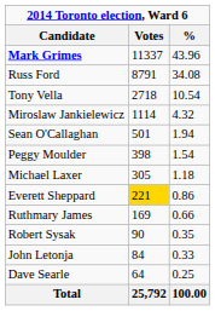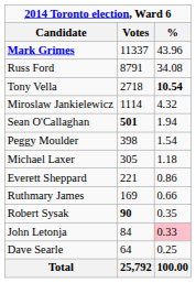 <table class="wikitable">
 <tr>
 <td Colspan="3" align="center"><strong><a href='#'>2014 Toronto election</a>, Ward 6</strong></td>
 </tr>
 <tr>
 <th width="150px">Candidate</th>
 <th>Votes</th>
 <th>%</th>
 </tr>
 <tr>
 <td><strong><a href='#'>Mark Grimes</a></strong></td>
 <td>11337</td>
 <td>43.96</td>
 </tr>
 <tr>
 <td>Russ Ford</td>
 <td>8791</td>
 <td>34.08</td>
 </tr>
 <tr>
 <td>Tony Vella</td>
 <td>2718</td>
-<td>10.54</td>
+<td><strong>10.54</strong></td>
 </tr>
 <tr>
 <td>Miroslaw Jankielewicz</td>
 <td>1114</td>
 <td>4.32</td>
 </tr>
 <tr>
 <td>Sean O'Callaghan</td>
-<td>501</td>
+<td><strong>501</strong></td>
 <td>1.94</td>
 </tr>
 <tr>
 <td>Peggy Moulder</td>
 <td>398</td>
 <td>1.54</td>
 </tr>
 <tr>
 <td>Michael Laxer</td>
 <td>305</td>
 <td>1.18</td>
 </tr>
 <tr>
 <td>Everett Sheppard</td>
-<td style="background: gold;">221</td>
+<td>221</td>
 <td>0.86</td>
 </tr>
 <tr>
 <td>Ruthmary James</td>
 <td>169</td>
 <td>0.66</td>
 </tr>
 <tr>
 <td>Robert Sysak</td>
-<td>90</td>
+<td><strong>90</strong></td>
 <td>0.35</td>
 </tr>
 <tr>
 <td>John Letonja</td>
 <td>84</td>
-<td>0.33</td>
+<td style="background: pink;">0.33</td>
 </tr>
 <tr>
 <td>Dave Searle</td>
 <td>64</td>
 <td>0.25</td>
 </tr>
 <tr>
 <th>Total</th>
 <th>25,792</th>
 <th>100.00</th>
 </tr>
 </table>
